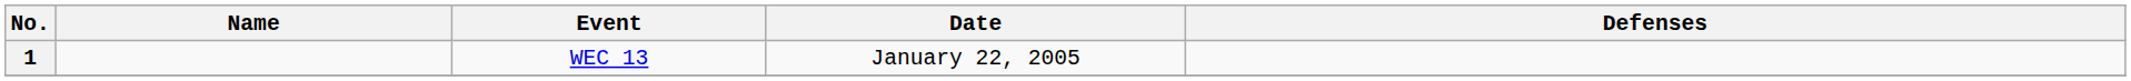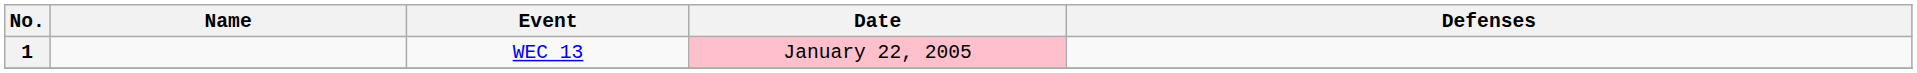 <table class="wikitable" width=100%>
 <tr>
 <th width=1%>No.</th>
 <th width=19%>Name</th>
 <th width=15%>Event</th>
 <th width=20%>Date</th>
 <th width=45%>Defenses</th>
 </tr>
 <tr>
 <th>1</th>
 <td align=left><br></td>
 <td align=center><a href='#'>WEC 13</a> <br></td>
-<td align=center>January 22, 2005</td>
+<td align=center style="background: pink;">January 22, 2005</td>
 <td></td>
 </tr>
 <tr>
 </tr>
 </table>
